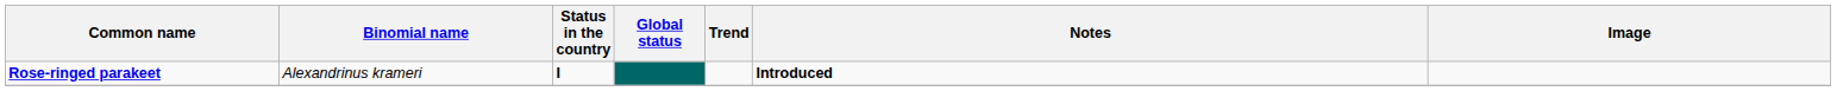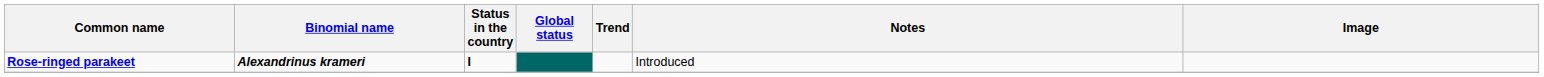 <table class="wikitable sortable">
 <tr>
 <th width="15%">Common name</th>
 <th width="15%"><a href='#'>Binomial name</a></th>
 <th data-sort-type="number" width="1%">Status in the country</th>
 <th width="5%"><a href='#'>Global status</a></th>
 <th width="1%">Trend</th>
 <th class="unsortable">Notes</th>
 <th class="unsortable">Image</th>
 </tr>
 <tr>
 <td><strong><a href='#'>Rose-ringed parakeet</a></strong></td>
-<td><em>Alexandrinus krameri</em></td>
+<td><strong><em>Alexandrinus krameri</em></strong></td>
 <td><strong>I</strong></td>
 <td align=center style="background: #006666"></td>
 <td align=center></td>
-<td><strong>Introduced</strong></td>
+<td>Introduced</td>
 <td></td>
 </tr>
 <tr>
 </tr>
 </table>
